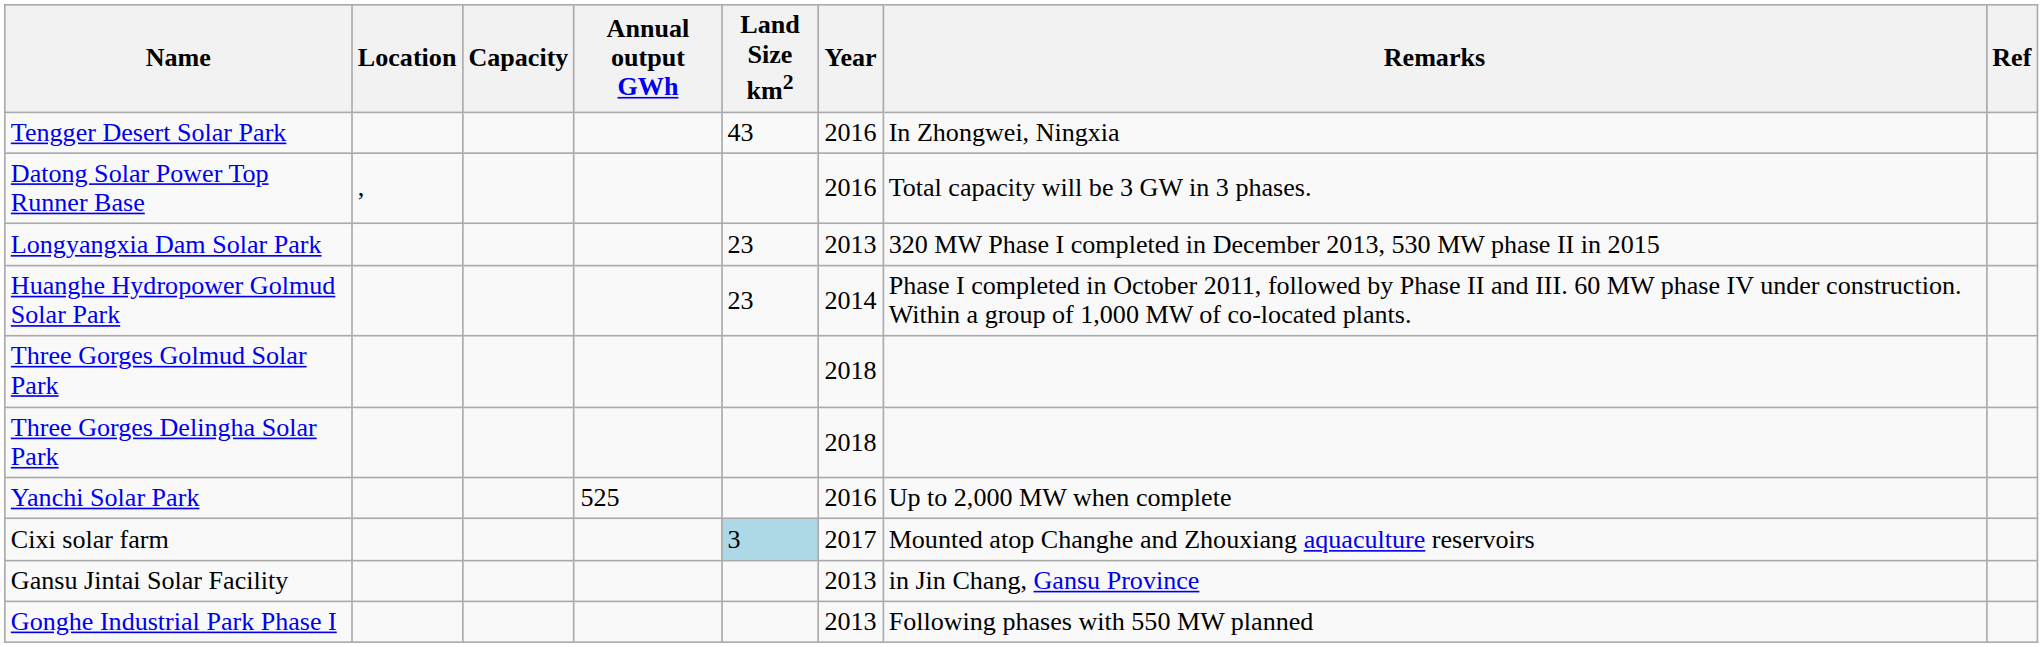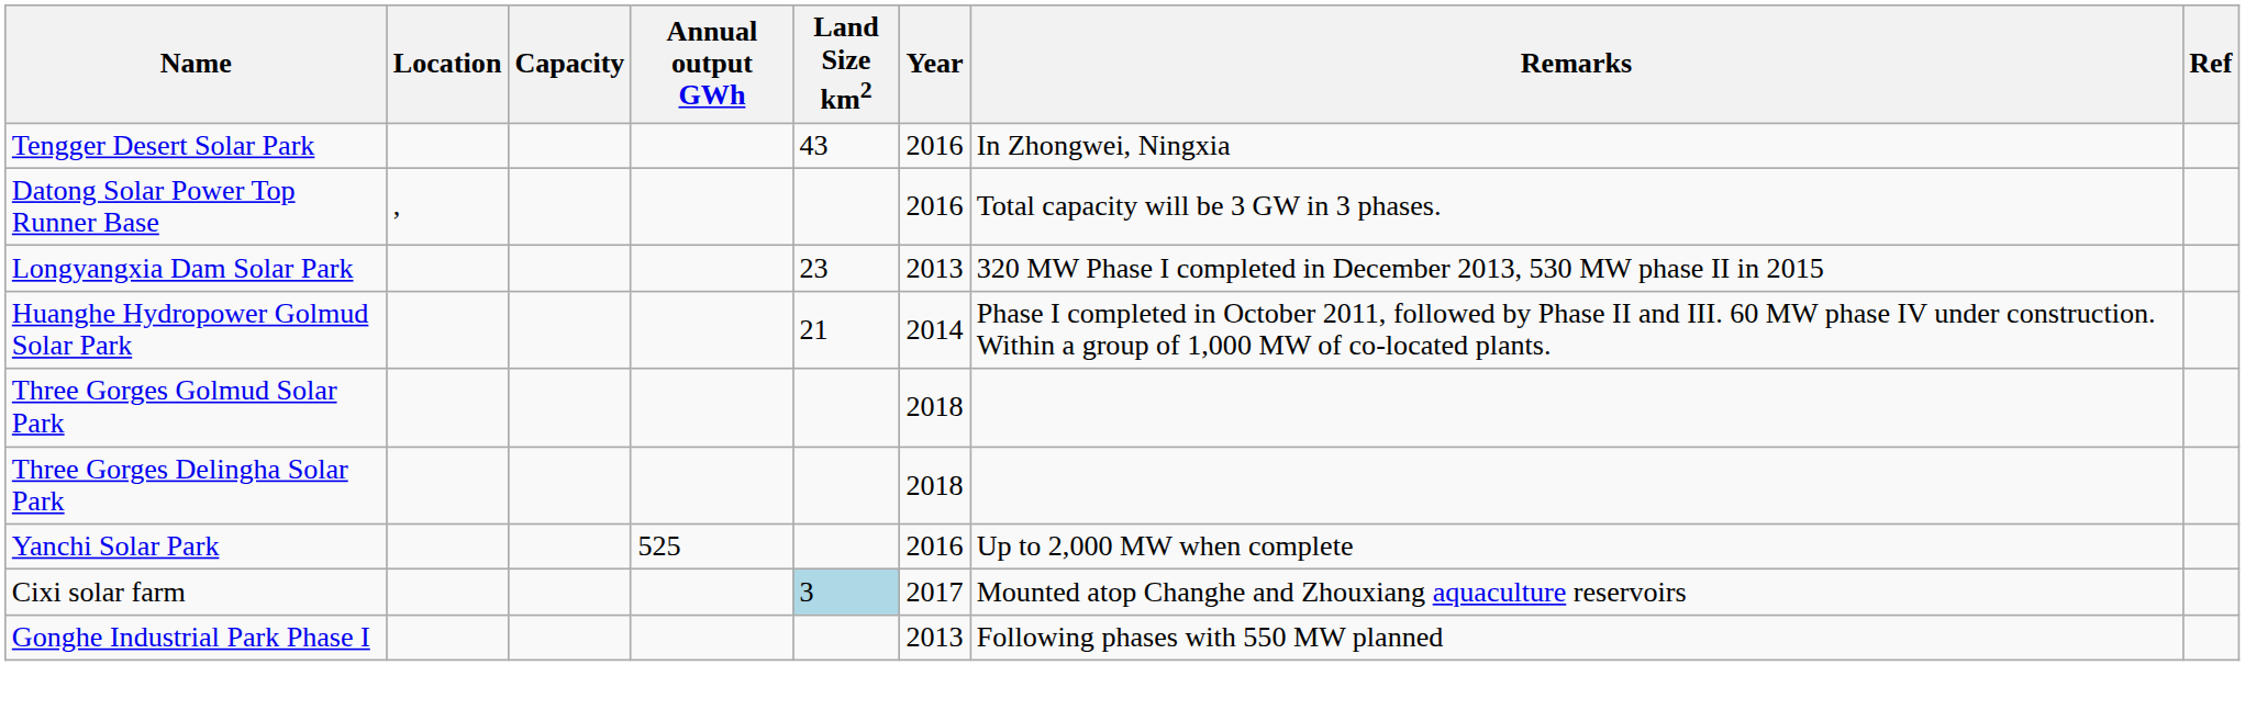 <table class="wikitable sortable">
 <tr>
 <th>Name</th>
 <th>Location</th>
 <th data-sort-type="number">Capacity<br></th>
 <th data-sort-type="number">Annual output<br><a href='#'>GWh</a></th>
 <th>Land<br>Size km<sup>2</sup></th>
 <th data-sort-type="number">Year</th>
 <th class="unsortable">Remarks</th>
 <th class="unsortable">Ref</th>
 </tr>
 <tr>
 <td><a href='#'>Tengger Desert Solar Park</a></td>
 <td></td>
 <td align="center"></td>
 <td></td>
 <td>43</td>
 <td align="center">2016</td>
 <td>In Zhongwei, Ningxia</td>
 <td></td>
 </tr>
 <tr>
 <td><a href='#'>Datong Solar Power Top Runner Base</a></td>
 <td>, </td>
 <td></td>
 <td></td>
 <td></td>
 <td>2016</td>
 <td>Total capacity will be 3 GW in 3 phases.</td>
 <td></td>
 </tr>
 <tr>
 <td><a href='#'>Longyangxia Dam Solar Park</a></td>
 <td></td>
 <td></td>
 <td></td>
 <td>23</td>
 <td>2013</td>
 <td>320 MW Phase I completed in December 2013, 530 MW phase II in 2015</td>
 <td></td>
 </tr>
 <tr>
 <td><a href='#'>Huanghe Hydropower Golmud Solar Park</a></td>
 <td></td>
 <td></td>
 <td></td>
-<td>23</td>
+<td>21</td>
 <td>2014</td>
 <td>Phase I completed in October 2011, followed by Phase II and III. 60 MW phase IV under construction. Within a group of 1,000 MW of co-located plants.</td>
 <td></td>
 </tr>
 <tr>
 <td><a href='#'>Three Gorges Golmud Solar Park</a></td>
 <td></td>
 <td></td>
 <td></td>
 <td></td>
 <td>2018</td>
 <td></td>
 <td></td>
 </tr>
 <tr>
 <td><a href='#'>Three Gorges Delingha Solar Park</a></td>
 <td></td>
 <td></td>
 <td></td>
 <td></td>
 <td>2018</td>
 <td></td>
 <td></td>
 </tr>
 <tr>
 <td><a href='#'>Yanchi Solar Park</a></td>
 <td></td>
 <td></td>
 <td>525</td>
 <td></td>
 <td>2016</td>
 <td>Up to 2,000 MW when complete</td>
 <td></td>
 </tr>
 <tr>
 <td>Cixi solar farm</td>
 <td> </td>
 <td></td>
 <td></td>
 <td style="background: lightblue;">3</td>
 <td>2017</td>
 <td>Mounted atop Changhe and Zhouxiang <a href='#'>aquaculture</a> reservoirs</td>
 <td></td>
 </tr>
 <tr>
-<td>Gansu Jintai Solar Facility</td>
-<td></td>
-<td></td>
-<td></td>
-<td></td>
-<td>2013</td>
-<td>in Jin Chang, <a href='#'>Gansu Province</a></td>
-<td></td>
-</tr>
-<tr>
 <td><a href='#'>Gonghe Industrial Park Phase I</a></td>
 <td> </td>
 <td></td>
 <td></td>
 <td></td>
 <td>2013</td>
 <td>Following phases with 550 MW planned</td>
 <td></td>
 </tr>
 </table>
